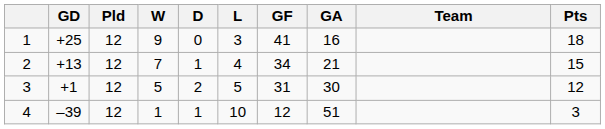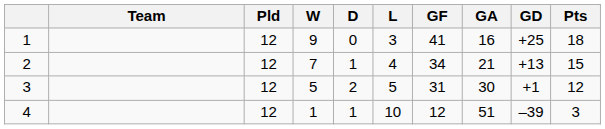 <table class="wikitable" style="text-align: center;">
 <tr>
 <th style="width: 40px;"></th>
-<th style="width: 35px;">GD</th>
+<th style="width: 200px;">Team</th>
 <th style="width: 45px;">Pld</th>
 <th style="width: 35px;">W</th>
 <th style="width: 35px;">D</th>
 <th style="width: 35px;">L</th>
 <th style="width: 45px;">GF</th>
 <th style="width: 45px;">GA</th>
-<th style="width: 200px;">Team</th>
+<th style="width: 35px;">GD</th>
 <th style="width: 45px;">Pts</th>
 </tr>
 <tr>
 <td>1</td>
-<td>+25</td>
+<td style="text-align: left;"></td>
 <td>12</td>
 <td>9</td>
 <td>0</td>
 <td>3</td>
 <td>41</td>
 <td>16</td>
-<td style="text-align: left;"></td>
+<td>+25</td>
 <td>18</td>
 </tr>
 <tr>
 <td>2</td>
-<td>+13</td>
+<td style="text-align: left;"></td>
 <td>12</td>
 <td>7</td>
 <td>1</td>
 <td>4</td>
 <td>34</td>
 <td>21</td>
-<td style="text-align: left;"></td>
+<td>+13</td>
 <td>15</td>
 </tr>
 <tr>
 <td>3</td>
-<td>+1</td>
+<td style="text-align: left;"></td>
 <td>12</td>
 <td>5</td>
 <td>2</td>
 <td>5</td>
 <td>31</td>
 <td>30</td>
-<td style="text-align: left;"></td>
+<td>+1</td>
 <td>12</td>
 </tr>
 <tr>
 <td>4</td>
-<td>–39</td>
+<td style="text-align: left;"></td>
 <td>12</td>
 <td>1</td>
 <td>1</td>
 <td>10</td>
 <td>12</td>
 <td>51</td>
-<td style="text-align: left;"></td>
+<td>–39</td>
 <td>3</td>
 </tr>
 </table>
